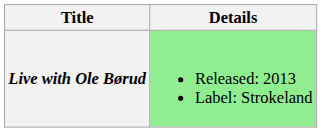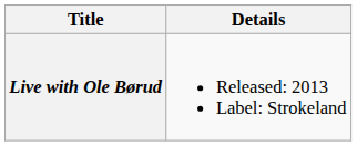 <table class="wikitable plainrowheaders">
 <tr>
 <th scope=col>Title</th>
 <th scope=col>Details</th>
 </tr>
 <tr>
 <th scope=row><em>Live with Ole Børud</em><br></th>
-<td style="background: lightgreen;"><br><ul><li>Released: 2013</li><li>Label: Strokeland</li></ul></td>
+<td><br><ul><li>Released: 2013</li><li>Label: Strokeland</li></ul></td>
 </tr>
 </table>
